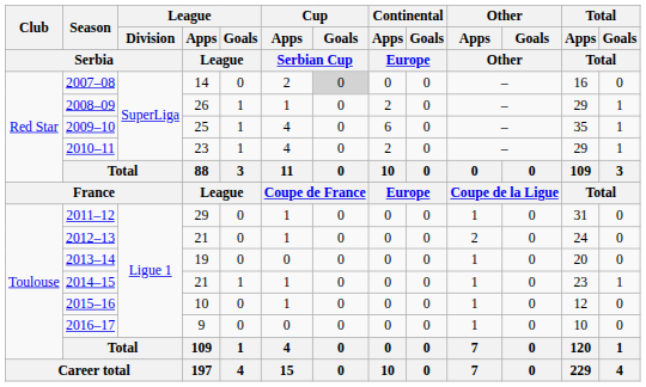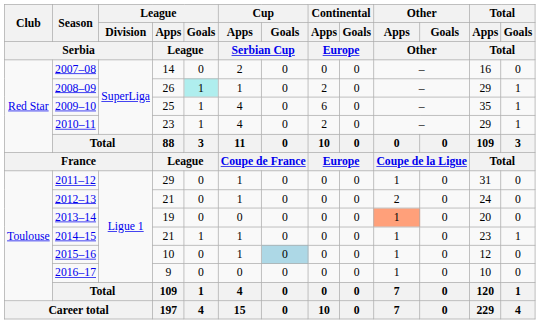 <table class="wikitable" style="text-align:center">
 <tr>
 <th rowspan=2>Club</th>
 <th rowspan=2>Season</th>
 <th colspan=3>League</th>
 <th colspan=2>Cup</th>
 <th colspan=2>Continental</th>
 <th colspan=2>Other</th>
 <th colspan=2>Total</th>
 </tr>
 <tr>
 <th>Division</th>
 <th>Apps</th>
 <th>Goals</th>
 <th>Apps</th>
 <th>Goals</th>
 <th>Apps</th>
 <th>Goals</th>
 <th>Apps</th>
 <th>Goals</th>
 <th>Apps</th>
 <th>Goals</th>
 </tr>
 <tr>
 <th colspan=3>Serbia</th>
 <th colspan=2>League</th>
 <th colspan=2><a href='#'>Serbian Cup</a></th>
 <th colspan=2><a href='#'>Europe</a></th>
 <th colspan=2>Other</th>
 <th colspan=2>Total</th>
 </tr>
 <tr>
 <td rowspan=5><a href='#'>Red Star</a></td>
 <td><a href='#'>2007–08</a></td>
 <td rowspan=4><a href='#'>SuperLiga</a></td>
 <td>14</td>
 <td>0</td>
 <td>2</td>
-<td style="background: lightgrey;">0</td>
+<td>0</td>
 <td>0</td>
 <td>0</td>
 <td colspan=2>–</td>
 <td>16</td>
 <td>0</td>
 </tr>
 <tr>
 <td><a href='#'>2008–09</a></td>
 <td>26</td>
-<td>1</td>
+<td style="background: paleturquoise;">1</td>
 <td>1</td>
 <td>0</td>
 <td>2</td>
 <td>0</td>
 <td colspan=2>–</td>
 <td>29</td>
 <td>1</td>
 </tr>
 <tr>
 <td><a href='#'>2009–10</a></td>
 <td>25</td>
 <td>1</td>
 <td>4</td>
 <td>0</td>
 <td>6</td>
 <td>0</td>
 <td colspan=2>–</td>
 <td>35</td>
 <td>1</td>
 </tr>
 <tr>
 <td><a href='#'>2010–11</a></td>
 <td>23</td>
 <td>1</td>
 <td>4</td>
 <td>0</td>
 <td>2</td>
 <td>0</td>
 <td colspan=2>–</td>
 <td>29</td>
 <td>1</td>
 </tr>
 <tr>
 <th colspan=2>Total</th>
 <th>88</th>
 <th>3</th>
 <th>11</th>
 <th>0</th>
 <th>10</th>
 <th>0</th>
 <th>0</th>
 <th>0</th>
 <th>109</th>
 <th>3</th>
 </tr>
 <tr>
 <th colspan=3>France</th>
 <th colspan=2>League</th>
 <th colspan=2><a href='#'>Coupe de France</a></th>
 <th colspan=2><a href='#'>Europe</a></th>
 <th colspan=2><a href='#'>Coupe de la Ligue</a></th>
 <th colspan=2>Total</th>
 </tr>
 <tr>
 <td rowspan=7><a href='#'>Toulouse</a></td>
 <td><a href='#'>2011–12</a></td>
 <td rowspan=6><a href='#'>Ligue 1</a></td>
 <td>29</td>
 <td>0</td>
 <td>1</td>
 <td>0</td>
 <td>0</td>
 <td>0</td>
 <td>1</td>
 <td>0</td>
 <td>31</td>
 <td>0</td>
 </tr>
 <tr>
 <td><a href='#'>2012–13</a></td>
 <td>21</td>
 <td>0</td>
 <td>1</td>
 <td>0</td>
 <td>0</td>
 <td>0</td>
 <td>2</td>
 <td>0</td>
 <td>24</td>
 <td>0</td>
 </tr>
 <tr>
 <td><a href='#'>2013–14</a></td>
 <td>19</td>
 <td>0</td>
 <td>0</td>
 <td>0</td>
 <td>0</td>
 <td>0</td>
-<td>1</td>
+<td style="background: lightsalmon;">1</td>
 <td>0</td>
 <td>20</td>
 <td>0</td>
 </tr>
 <tr>
 <td><a href='#'>2014–15</a></td>
 <td>21</td>
 <td>1</td>
 <td>1</td>
 <td>0</td>
 <td>0</td>
 <td>0</td>
 <td>1</td>
 <td>0</td>
 <td>23</td>
 <td>1</td>
 </tr>
 <tr>
 <td><a href='#'>2015–16</a></td>
 <td>10</td>
 <td>0</td>
 <td>1</td>
-<td>0</td>
+<td style="background: lightblue;">0</td>
 <td>0</td>
 <td>0</td>
 <td>1</td>
 <td>0</td>
 <td>12</td>
 <td>0</td>
 </tr>
 <tr>
 <td><a href='#'>2016–17</a></td>
 <td>9</td>
 <td>0</td>
 <td>0</td>
 <td>0</td>
 <td>0</td>
 <td>0</td>
 <td>1</td>
 <td>0</td>
 <td>10</td>
 <td>0</td>
 </tr>
 <tr>
 <th colspan=2>Total</th>
 <th>109</th>
 <th>1</th>
 <th>4</th>
 <th>0</th>
 <th>0</th>
 <th>0</th>
 <th>7</th>
 <th>0</th>
 <th>120</th>
 <th>1</th>
 </tr>
 <tr>
 <th colspan=3>Career total</th>
 <th>197</th>
 <th>4</th>
 <th>15</th>
 <th>0</th>
 <th>10</th>
 <th>0</th>
 <th>7</th>
 <th>0</th>
 <th>229</th>
 <th>4</th>
 </tr>
 </table>
